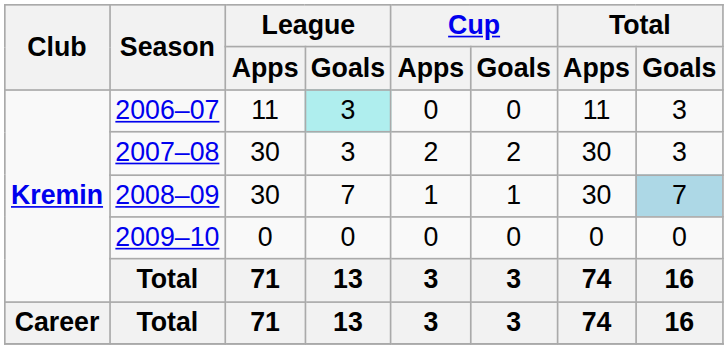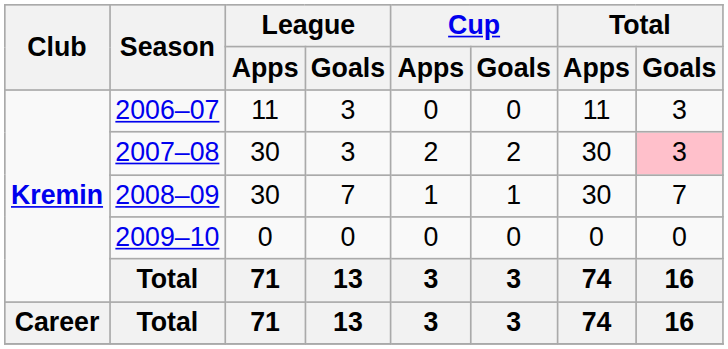 <table class="wikitable sortable" style="text-align: center;">
 <tr>
 <th rowspan="2">Club</th>
 <th rowspan="2">Season</th>
 <th colspan="2">League</th>
 <th colspan="2"><a href='#'>Cup</a></th>
 <th colspan="2">Total</th>
 </tr>
 <tr>
 <th>Apps</th>
 <th>Goals</th>
 <th>Apps</th>
 <th>Goals</th>
 <th>Apps</th>
 <th>Goals</th>
 </tr>
 <tr>
 <td rowspan="5"><strong><a href='#'>Kremin</a></strong></td>
 <td><a href='#'>2006–07</a></td>
 <td>11</td>
-<td style="background: paleturquoise;">3</td>
+<td>3</td>
 <td>0</td>
 <td>0</td>
 <td>11</td>
 <td>3</td>
 </tr>
 <tr>
 <td><a href='#'>2007–08</a></td>
 <td>30</td>
 <td>3</td>
 <td>2</td>
 <td>2</td>
 <td>30</td>
-<td>3</td>
+<td style="background: pink;">3</td>
 </tr>
 <tr>
 <td><a href='#'>2008–09</a></td>
 <td>30</td>
 <td>7</td>
 <td>1</td>
 <td>1</td>
 <td>30</td>
-<td style="background: lightblue;">7</td>
+<td>7</td>
 </tr>
 <tr>
 <td><a href='#'>2009–10</a></td>
 <td>0</td>
 <td>0</td>
 <td>0</td>
 <td>0</td>
 <td>0</td>
 <td>0</td>
 </tr>
 <tr>
 <th>Total</th>
 <th>71</th>
 <th>13</th>
 <th>3</th>
 <th>3</th>
 <th>74</th>
 <th>16</th>
 </tr>
 <tr>
 <th>Career</th>
 <th>Total</th>
 <th>71</th>
 <th>13</th>
 <th>3</th>
 <th>3</th>
 <th>74</th>
 <th>16</th>
 </tr>
 <tr>
 </tr>
 </table>
